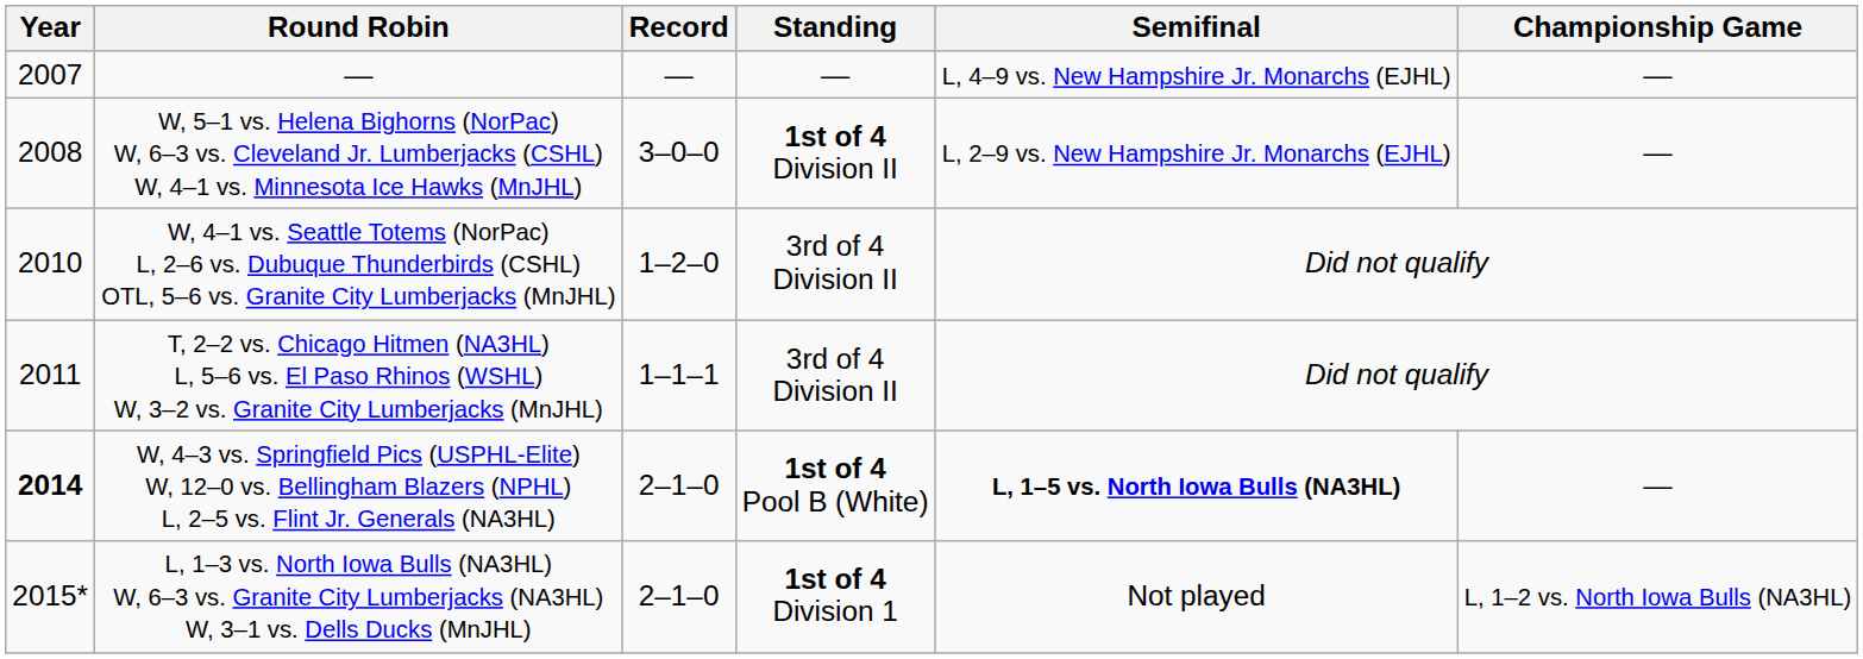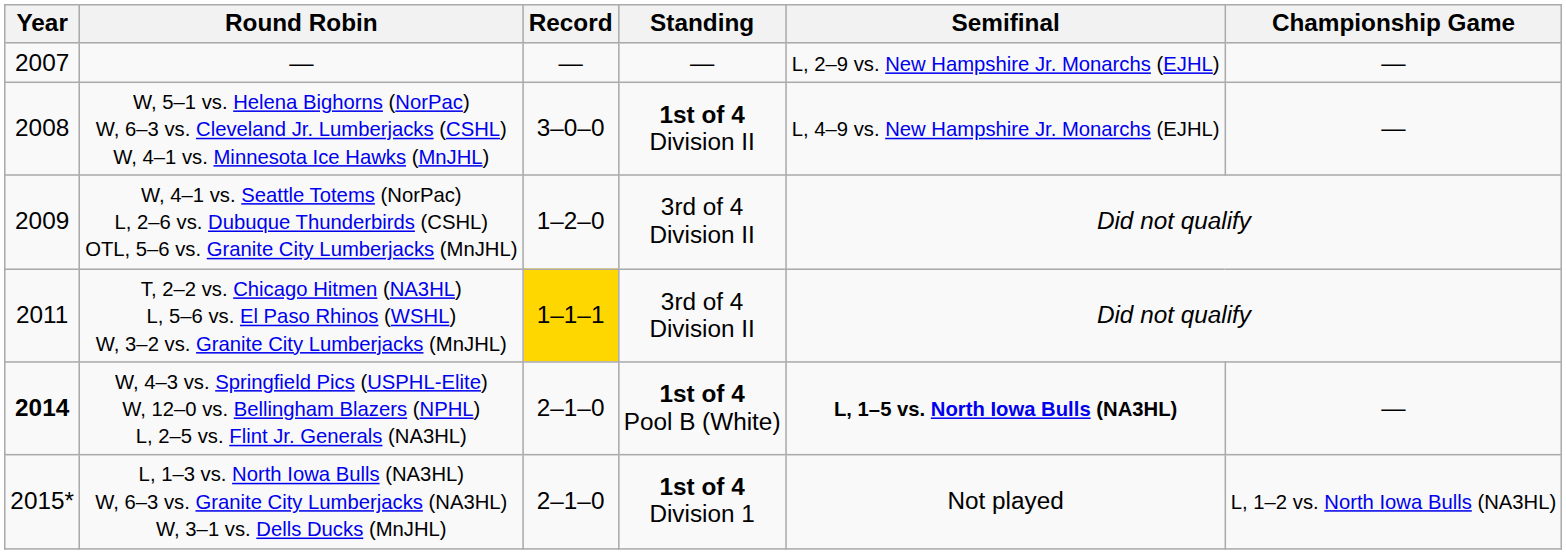 <table class="wikitable" style="text-align:center">
 <tr>
 <th>Year</th>
 <th>Round Robin</th>
 <th>Record</th>
 <th>Standing</th>
 <th>Semifinal</th>
 <th>Championship Game</th>
 </tr>
 <tr>
 <td>2007</td>
 <td>—</td>
 <td>—</td>
 <td>—</td>
-<td><small>L, 4–9 vs. <a href='#'>New Hampshire Jr. Monarchs</a> (EJHL)</small></td>
+<td><small>L, 2–9 vs. <a href='#'>New Hampshire Jr. Monarchs</a> (<a href='#'>EJHL</a>)</small></td>
 <td>—</td>
 </tr>
 <tr>
 <td>2008</td>
 <td><small>W, 5–1 vs. <a href='#'>Helena Bighorns</a> (<a href='#'>NorPac</a>)<br>W, 6–3 vs. <a href='#'>Cleveland Jr. Lumberjacks</a> (<a href='#'>CSHL</a>)<br>W, 4–1 vs. <a href='#'>Minnesota Ice Hawks</a> (<a href='#'>MnJHL</a>)</small></td>
 <td>3–0–0</td>
 <td><strong>1st of 4</strong><br>Division II</td>
-<td><small>L, 2–9 vs. <a href='#'>New Hampshire Jr. Monarchs</a> (<a href='#'>EJHL</a>)</small></td>
+<td><small>L, 4–9 vs. <a href='#'>New Hampshire Jr. Monarchs</a> (EJHL)</small></td>
 <td>—</td>
 </tr>
 <tr>
-<td>2010</td>
+<td>2009</td>
 <td><small>W, 4–1 vs. <a href='#'>Seattle Totems</a> (NorPac)<br>L, 2–6 vs. <a href='#'>Dubuque Thunderbirds</a> (CSHL)<br>OTL, 5–6 vs. <a href='#'>Granite City Lumberjacks</a> (MnJHL)</small></td>
 <td>1–2–0</td>
 <td>3rd of 4<br>Division II</td>
 <td colspan=2><em>Did not qualify</em></td>
 </tr>
 <tr>
 <td>2011</td>
 <td><small>T, 2–2 vs. <a href='#'>Chicago Hitmen</a> (<a href='#'>NA3HL</a>)<br>L, 5–6 vs. <a href='#'>El Paso Rhinos</a> (<a href='#'>WSHL</a>)<br>W, 3–2 vs. <a href='#'>Granite City Lumberjacks</a> (MnJHL)</small></td>
-<td>1–1–1</td>
+<td style="background: gold;">1–1–1</td>
 <td>3rd of 4<br>Division II</td>
 <td colspan=2><em>Did not qualify</em></td>
 </tr>
 <tr>
 <td><strong>2014</strong></td>
 <td><small>W, 4–3 vs. <a href='#'>Springfield Pics</a> (<a href='#'>USPHL-Elite</a>)<br>W, 12–0 vs. <a href='#'>Bellingham Blazers</a> (<a href='#'>NPHL</a>)<br>L, 2–5 vs. <a href='#'>Flint Jr. Generals</a> (NA3HL)</small></td>
 <td>2–1–0</td>
 <td><strong>1st of 4</strong><br>Pool B (White)</td>
 <td><strong><small>L, 1–5 vs. <a href='#'>North Iowa Bulls</a> (NA3HL)</small></strong></td>
 <td>—</td>
 </tr>
 <tr>
 <td>2015*</td>
 <td><small>L, 1–3 vs. <a href='#'>North Iowa Bulls</a> (NA3HL)<br>W, 6–3 vs. <a href='#'>Granite City Lumberjacks</a> (NA3HL)<br>W, 3–1 vs. <a href='#'>Dells Ducks</a> (MnJHL)</small></td>
 <td>2–1–0</td>
 <td><strong>1st of 4</strong><br>Division 1</td>
 <td>Not played</td>
 <td><small>L, 1–2 vs. <a href='#'>North Iowa Bulls</a> (NA3HL)</small></td>
 </tr>
 </table>
